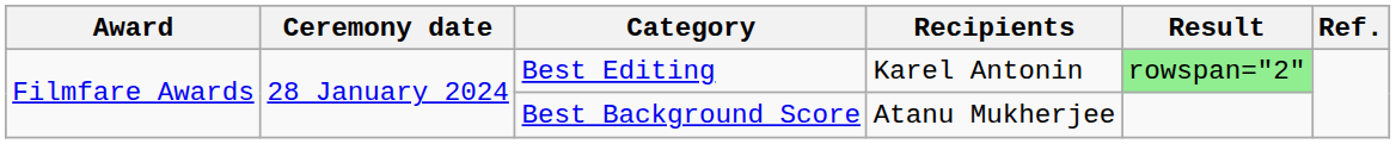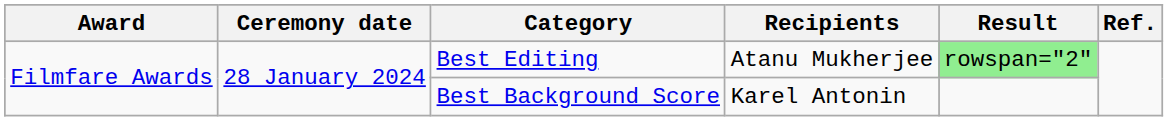 <table class="wikitable">
 <tr>
 <th>Award</th>
 <th>Ceremony date</th>
 <th>Category</th>
 <th>Recipients</th>
 <th>Result</th>
 <th>Ref.</th>
 </tr>
 <tr>
 <td rowspan="2"><a href='#'>Filmfare Awards</a></td>
 <td rowspan="2"><a href='#'>28 January 2024</a></td>
 <td><a href='#'>Best Editing</a></td>
-<td>Karel Antonin</td>
+<td>Atanu Mukherjee</td>
 <td style="background: lightgreen;">rowspan="2" </td>
 <td rowspan="2"></td>
 </tr>
 <tr>
 <td><a href='#'>Best Background Score</a></td>
-<td>Atanu Mukherjee</td>
+<td>Karel Antonin</td>
 </tr>
 </table>
